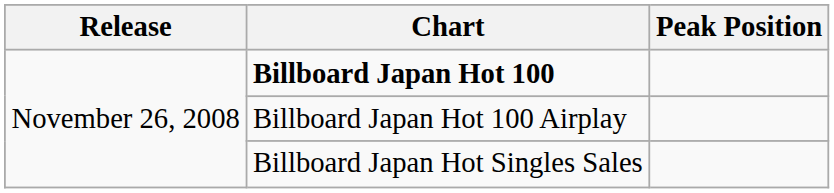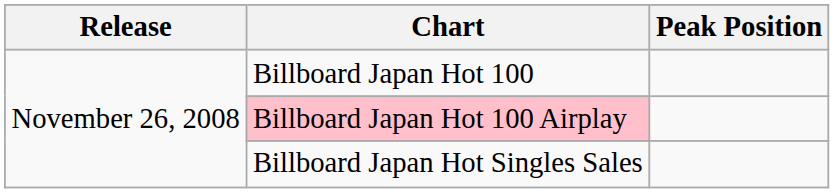 <table class="wikitable">
 <tr>
 <th>Release</th>
 <th>Chart</th>
 <th>Peak Position</th>
 </tr>
 <tr>
 <td rowspan="3">November 26, 2008</td>
-<td><strong>Billboard Japan Hot 100</strong></td>
+<td>Billboard Japan Hot 100</td>
 <td align="center"></td>
 </tr>
 <tr>
-<td>Billboard Japan Hot 100 Airplay</td>
+<td style="background: pink;">Billboard Japan Hot 100 Airplay</td>
 <td align="center"></td>
 </tr>
 <tr>
 <td>Billboard Japan Hot Singles Sales</td>
 <td align="center"></td>
 </tr>
 </table>
